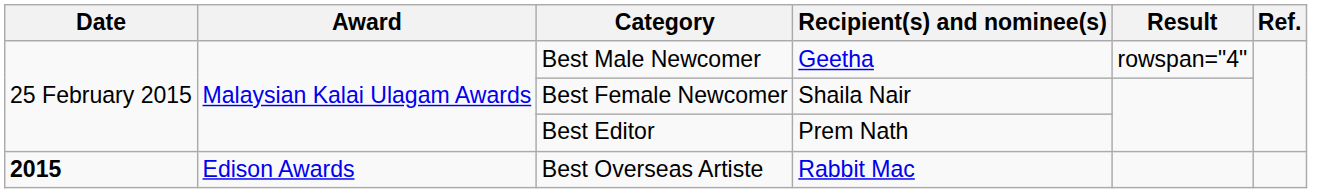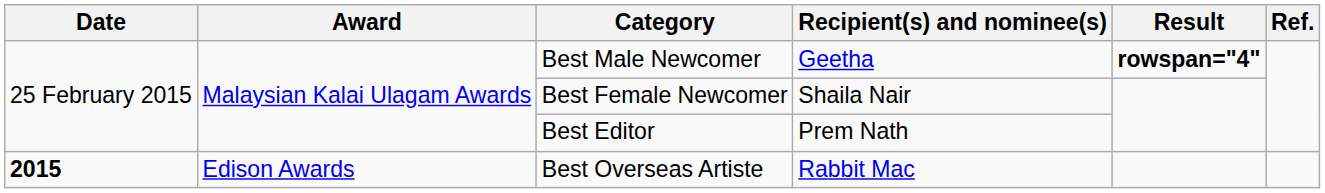 <table class="wikitable sortable">
 <tr>
 <th>Date</th>
 <th>Award</th>
 <th>Category</th>
 <th>Recipient(s) and nominee(s)</th>
 <th>Result</th>
 <th scope="col" class="unsortable">Ref.</th>
 </tr>
 <tr>
 <td rowspan="3">25 February 2015</td>
 <td rowspan="3"><a href='#'>Malaysian Kalai Ulagam Awards</a></td>
 <td>Best Male Newcomer</td>
 <td><a href='#'>Geetha</a></td>
-<td>rowspan="4" </td>
+<td><strong>rowspan="4" </strong></td>
 <td style="text-align:center;"  rowspan="3"></td>
 </tr>
 <tr>
 <td>Best Female Newcomer</td>
 <td>Shaila Nair</td>
 </tr>
 <tr>
 <td>Best Editor</td>
 <td>Prem Nath</td>
 </tr>
 <tr>
 <td><strong>2015</strong></td>
 <td><a href='#'>Edison Awards</a></td>
 <td>Best Overseas Artiste</td>
 <td><a href='#'>Rabbit Mac</a></td>
 <td style="text-align:center;"></td>
 </tr>
 </table>
